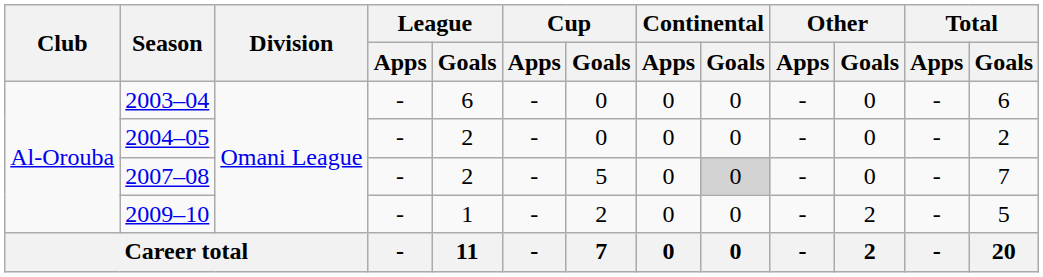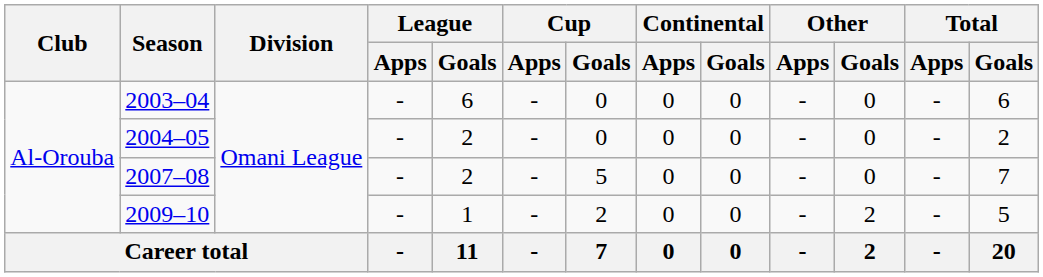 <table class="wikitable" style="text-align: center;">
 <tr>
 <th rowspan="2">Club</th>
 <th rowspan="2">Season</th>
 <th rowspan="2">Division</th>
 <th colspan="2">League</th>
 <th colspan="2">Cup</th>
 <th colspan="2">Continental</th>
 <th colspan="2">Other</th>
 <th colspan="2">Total</th>
 </tr>
 <tr>
 <th>Apps</th>
 <th>Goals</th>
 <th>Apps</th>
 <th>Goals</th>
 <th>Apps</th>
 <th>Goals</th>
 <th>Apps</th>
 <th>Goals</th>
 <th>Apps</th>
 <th>Goals</th>
 </tr>
 <tr>
 <td rowspan=4><a href='#'>Al-Orouba</a></td>
 <td><a href='#'>2003–04</a></td>
 <td rowspan="4"><a href='#'>Omani League</a></td>
 <td>-</td>
 <td>6</td>
 <td>-</td>
 <td>0</td>
 <td>0</td>
 <td>0</td>
 <td>-</td>
 <td>0</td>
 <td>-</td>
 <td>6</td>
 </tr>
 <tr>
 <td><a href='#'>2004–05</a></td>
 <td>-</td>
 <td>2</td>
 <td>-</td>
 <td>0</td>
 <td>0</td>
 <td>0</td>
 <td>-</td>
 <td>0</td>
 <td>-</td>
 <td>2</td>
 </tr>
 <tr>
 <td><a href='#'>2007–08</a></td>
 <td>-</td>
 <td>2</td>
 <td>-</td>
 <td>5</td>
 <td>0</td>
-<td style="background: lightgrey;">0</td>
+<td>0</td>
 <td>-</td>
 <td>0</td>
 <td>-</td>
 <td>7</td>
 </tr>
 <tr>
 <td><a href='#'>2009–10</a></td>
 <td>-</td>
 <td>1</td>
 <td>-</td>
 <td>2</td>
 <td>0</td>
 <td>0</td>
 <td>-</td>
 <td>2</td>
 <td>-</td>
 <td>5</td>
 </tr>
 <tr>
 <th colspan="3">Career total</th>
 <th>-</th>
 <th>11</th>
 <th>-</th>
 <th>7</th>
 <th>0</th>
 <th>0</th>
 <th>-</th>
 <th>2</th>
 <th>-</th>
 <th>20</th>
 </tr>
 </table>
